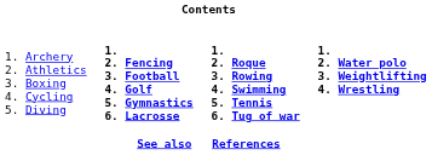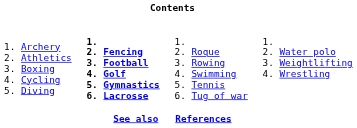 <table id="toc" class="toc" summary="Contents">
 <tr>
 <td align="center" colspan=4><strong>Contents</strong></td>
 </tr>
 <tr>
 <td><br><ol><li><a href='#'>Archery</a></li><li><a href='#'>Athletics</a></li><li><a href='#'>Boxing</a></li><li><a href='#'>Cycling</a></li><li><a href='#'>Diving</a></li></ol></td>
 <td valign=top><strong><br><ol><li><li><a href='#'>Fencing</a></li><li><a href='#'>Football</a></li><li><a href='#'>Golf</a></li><li><a href='#'>Gymnastics</a></li><li><a href='#'>Lacrosse</a></li></ol></strong></td>
-<td valign=top><strong><br><ol><li><li><a href='#'>Roque</a></li><li><a href='#'>Rowing</a></li><li><a href='#'>Swimming</a></li><li><a href='#'>Tennis</a></li><li><a href='#'>Tug of war</a></li></ol></strong></td>
-<td valign=top><strong><br><ol><li><li><a href='#'>Water polo</a></li><li><a href='#'>Weightlifting</a></li><li><a href='#'>Wrestling</a></li></ol></strong></td>
+<td valign=top><br><ol><li><li><a href='#'>Roque</a></li><li><a href='#'>Rowing</a></li><li><a href='#'>Swimming</a></li><li><a href='#'>Tennis</a></li><li><a href='#'>Tug of war</a></li></ol></td>
+<td valign=top><br><ol><li><li><a href='#'>Water polo</a></li><li><a href='#'>Weightlifting</a></li><li><a href='#'>Wrestling</a></li></ol></td>
 </tr>
 <tr>
 <td align=center colspan=4><strong><a href='#'>See also</a></strong>   <strong><a href='#'>References</a></strong></td>
 </tr>
 </table>
